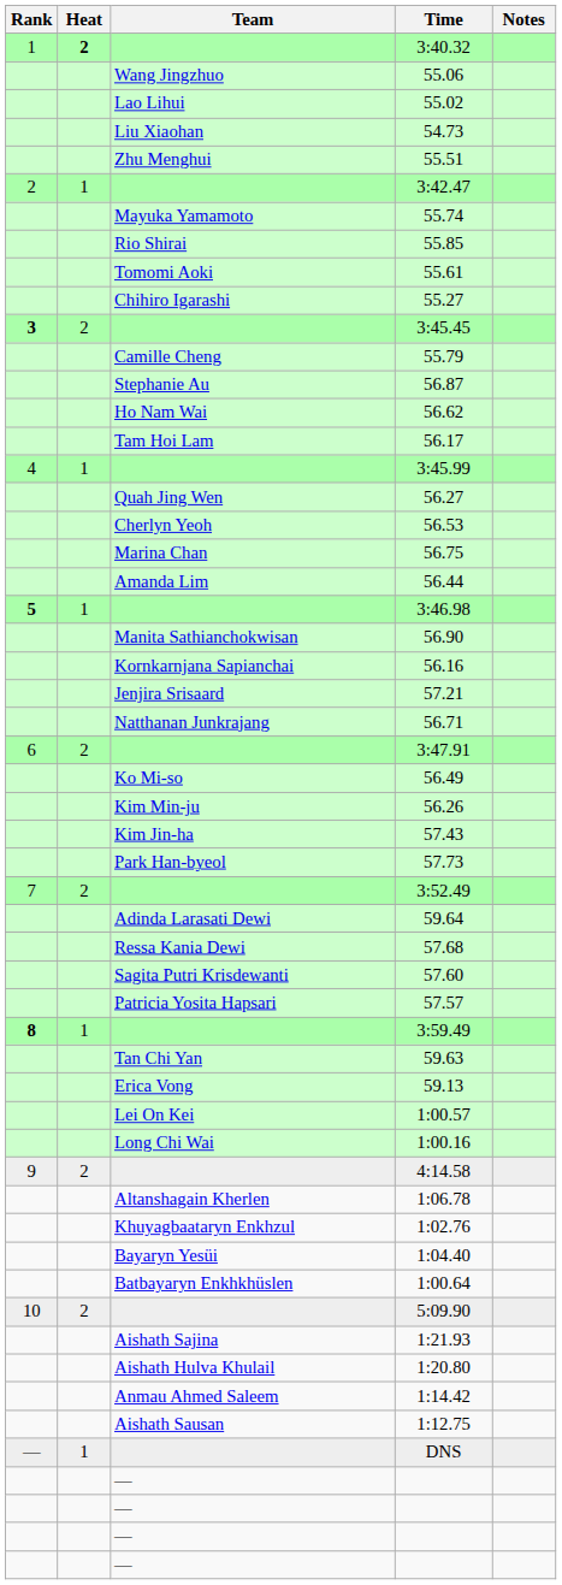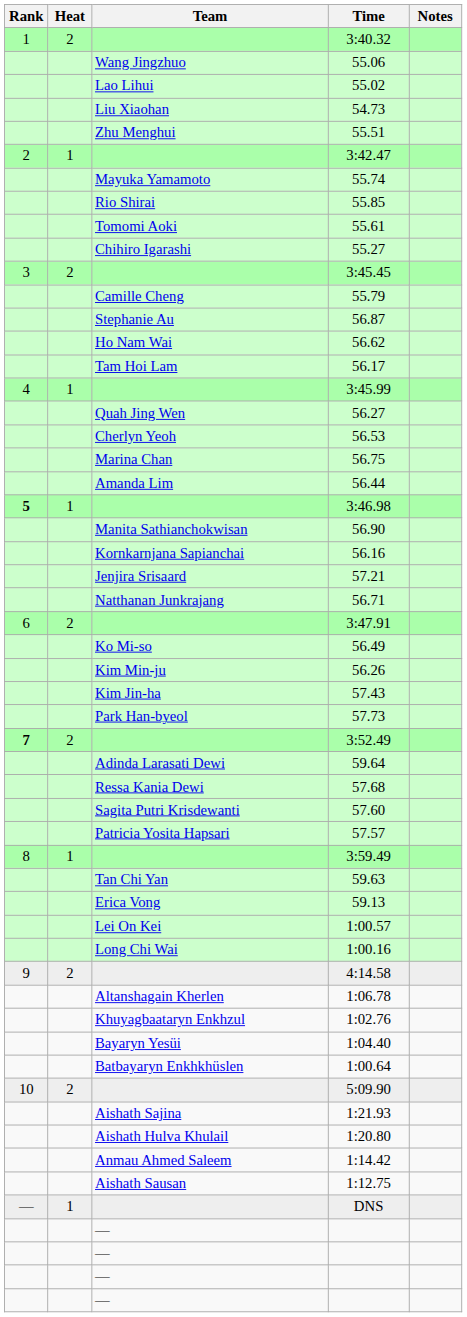 <table class="wikitable" style="text-align:center">
 <tr>
 <th width=40>Rank</th>
 <th width=40>Heat</th>
 <th width=250>Team</th>
 <th width=80>Time</th>
 <th width=50>Notes</th>
 </tr>
 <tr bgcolor="aaffaa">
 <td>1</td>
-<td><strong>2</strong></td>
+<td>2</td>
 <td align=left></td>
 <td>3:40.32</td>
 <td></td>
 </tr>
 <tr bgcolor="ccffcc">
 <td></td>
 <td></td>
 <td align=left><a href='#'>Wang Jingzhuo</a></td>
 <td>55.06</td>
 <td></td>
 </tr>
 <tr bgcolor="ccffcc">
 <td></td>
 <td></td>
 <td align=left><a href='#'>Lao Lihui</a></td>
 <td>55.02</td>
 <td></td>
 </tr>
 <tr bgcolor="ccffcc">
 <td></td>
 <td></td>
 <td align=left><a href='#'>Liu Xiaohan</a></td>
 <td>54.73</td>
 <td></td>
 </tr>
 <tr bgcolor="ccffcc">
 <td></td>
 <td></td>
 <td align=left><a href='#'>Zhu Menghui</a></td>
 <td>55.51</td>
 <td></td>
 </tr>
 <tr bgcolor="aaffaa">
 <td>2</td>
 <td>1</td>
 <td align=left></td>
 <td>3:42.47</td>
 <td></td>
 </tr>
 <tr bgcolor="ccffcc">
 <td></td>
 <td></td>
 <td align=left><a href='#'>Mayuka Yamamoto</a></td>
 <td>55.74</td>
 <td></td>
 </tr>
 <tr bgcolor="ccffcc">
 <td></td>
 <td></td>
 <td align=left><a href='#'>Rio Shirai</a></td>
 <td>55.85</td>
 <td></td>
 </tr>
 <tr bgcolor="ccffcc">
 <td></td>
 <td></td>
 <td align=left><a href='#'>Tomomi Aoki</a></td>
 <td>55.61</td>
 <td></td>
 </tr>
 <tr bgcolor="ccffcc">
 <td></td>
 <td></td>
 <td align=left><a href='#'>Chihiro Igarashi</a></td>
 <td>55.27</td>
 <td></td>
 </tr>
 <tr bgcolor="aaffaa">
-<td><strong>3</strong></td>
+<td>3</td>
 <td>2</td>
 <td align=left></td>
 <td>3:45.45</td>
 <td></td>
 </tr>
 <tr bgcolor="ccffcc">
 <td></td>
 <td></td>
 <td align=left><a href='#'>Camille Cheng</a></td>
 <td>55.79</td>
 <td></td>
 </tr>
 <tr bgcolor="ccffcc">
 <td></td>
 <td></td>
 <td align=left><a href='#'>Stephanie Au</a></td>
 <td>56.87</td>
 <td></td>
 </tr>
 <tr bgcolor="ccffcc">
 <td></td>
 <td></td>
 <td align=left><a href='#'>Ho Nam Wai</a></td>
 <td>56.62</td>
 <td></td>
 </tr>
 <tr bgcolor="ccffcc">
 <td></td>
 <td></td>
 <td align=left><a href='#'>Tam Hoi Lam</a></td>
 <td>56.17</td>
 <td></td>
 </tr>
 <tr bgcolor="aaffaa">
 <td>4</td>
 <td>1</td>
 <td align=left></td>
 <td>3:45.99</td>
 <td></td>
 </tr>
 <tr bgcolor="ccffcc">
 <td></td>
 <td></td>
 <td align=left><a href='#'>Quah Jing Wen</a></td>
 <td>56.27</td>
 <td></td>
 </tr>
 <tr bgcolor="ccffcc">
 <td></td>
 <td></td>
 <td align=left><a href='#'>Cherlyn Yeoh</a></td>
 <td>56.53</td>
 <td></td>
 </tr>
 <tr bgcolor="ccffcc">
 <td></td>
 <td></td>
 <td align=left><a href='#'>Marina Chan</a></td>
 <td>56.75</td>
 <td></td>
 </tr>
 <tr bgcolor="ccffcc">
 <td></td>
 <td></td>
 <td align=left><a href='#'>Amanda Lim</a></td>
 <td>56.44</td>
 <td></td>
 </tr>
 <tr bgcolor="aaffaa">
 <td><strong>5</strong></td>
 <td>1</td>
 <td align=left></td>
 <td>3:46.98</td>
 <td></td>
 </tr>
 <tr bgcolor="ccffcc">
 <td></td>
 <td></td>
 <td align=left><a href='#'>Manita Sathianchokwisan</a></td>
 <td>56.90</td>
 <td></td>
 </tr>
 <tr bgcolor="ccffcc">
 <td></td>
 <td></td>
 <td align=left><a href='#'>Kornkarnjana Sapianchai</a></td>
 <td>56.16</td>
 <td></td>
 </tr>
 <tr bgcolor="ccffcc">
 <td></td>
 <td></td>
 <td align=left><a href='#'>Jenjira Srisaard</a></td>
 <td>57.21</td>
 <td></td>
 </tr>
 <tr bgcolor="ccffcc">
 <td></td>
 <td></td>
 <td align=left><a href='#'>Natthanan Junkrajang</a></td>
 <td>56.71</td>
 <td></td>
 </tr>
 <tr bgcolor="aaffaa">
 <td>6</td>
 <td>2</td>
 <td align=left></td>
 <td>3:47.91</td>
 <td></td>
 </tr>
 <tr bgcolor="ccffcc">
 <td></td>
 <td></td>
 <td align=left><a href='#'>Ko Mi-so</a></td>
 <td>56.49</td>
 <td></td>
 </tr>
 <tr bgcolor="ccffcc">
 <td></td>
 <td></td>
 <td align=left><a href='#'>Kim Min-ju</a></td>
 <td>56.26</td>
 <td></td>
 </tr>
 <tr bgcolor="ccffcc">
 <td></td>
 <td></td>
 <td align=left><a href='#'>Kim Jin-ha</a></td>
 <td>57.43</td>
 <td></td>
 </tr>
 <tr bgcolor="ccffcc">
 <td></td>
 <td></td>
 <td align=left><a href='#'>Park Han-byeol</a></td>
 <td>57.73</td>
 <td></td>
 </tr>
 <tr bgcolor="aaffaa">
-<td>7</td>
+<td><strong>7</strong></td>
 <td>2</td>
 <td align=left></td>
 <td>3:52.49</td>
 <td></td>
 </tr>
 <tr bgcolor="ccffcc">
 <td></td>
 <td></td>
 <td align=left><a href='#'>Adinda Larasati Dewi</a></td>
 <td>59.64</td>
 <td></td>
 </tr>
 <tr bgcolor="ccffcc">
 <td></td>
 <td></td>
 <td align=left><a href='#'>Ressa Kania Dewi</a></td>
 <td>57.68</td>
 <td></td>
 </tr>
 <tr bgcolor="ccffcc">
 <td></td>
 <td></td>
 <td align=left><a href='#'>Sagita Putri Krisdewanti</a></td>
 <td>57.60</td>
 <td></td>
 </tr>
 <tr bgcolor="ccffcc">
 <td></td>
 <td></td>
 <td align=left><a href='#'>Patricia Yosita Hapsari</a></td>
 <td>57.57</td>
 <td></td>
 </tr>
 <tr bgcolor="aaffaa">
-<td><strong>8</strong></td>
+<td>8</td>
 <td>1</td>
 <td align=left></td>
 <td>3:59.49</td>
 <td></td>
 </tr>
 <tr bgcolor="ccffcc">
 <td></td>
 <td></td>
 <td align=left><a href='#'>Tan Chi Yan</a></td>
 <td>59.63</td>
 <td></td>
 </tr>
 <tr bgcolor="ccffcc">
 <td></td>
 <td></td>
 <td align=left><a href='#'>Erica Vong</a></td>
 <td>59.13</td>
 <td></td>
 </tr>
 <tr bgcolor="ccffcc">
 <td></td>
 <td></td>
 <td align=left><a href='#'>Lei On Kei</a></td>
 <td>1:00.57</td>
 <td></td>
 </tr>
 <tr bgcolor="ccffcc">
 <td></td>
 <td></td>
 <td align=left><a href='#'>Long Chi Wai</a></td>
 <td>1:00.16</td>
 <td></td>
 </tr>
 <tr bgcolor=eeeeee>
 <td>9</td>
 <td>2</td>
 <td align=left></td>
 <td>4:14.58</td>
 <td></td>
 </tr>
 <tr>
 <td></td>
 <td></td>
 <td align=left><a href='#'>Altanshagain Kherlen</a></td>
 <td>1:06.78</td>
 <td></td>
 </tr>
 <tr>
 <td></td>
 <td></td>
 <td align=left><a href='#'>Khuyagbaataryn Enkhzul</a></td>
 <td>1:02.76</td>
 <td></td>
 </tr>
 <tr>
 <td></td>
 <td></td>
 <td align=left><a href='#'>Bayaryn Yesüi</a></td>
 <td>1:04.40</td>
 <td></td>
 </tr>
 <tr>
 <td></td>
 <td></td>
 <td align=left><a href='#'>Batbayaryn Enkhkhüslen</a></td>
 <td>1:00.64</td>
 <td></td>
 </tr>
 <tr bgcolor=eeeeee>
 <td>10</td>
 <td>2</td>
 <td align=left></td>
 <td>5:09.90</td>
 <td></td>
 </tr>
 <tr>
 <td></td>
 <td></td>
 <td align=left><a href='#'>Aishath Sajina</a></td>
 <td>1:21.93</td>
 <td></td>
 </tr>
 <tr>
 <td></td>
 <td></td>
 <td align=left><a href='#'>Aishath Hulva Khulail</a></td>
 <td>1:20.80</td>
 <td></td>
 </tr>
 <tr>
 <td></td>
 <td></td>
 <td align=left><a href='#'>Anmau Ahmed Saleem</a></td>
 <td>1:14.42</td>
 <td></td>
 </tr>
 <tr>
 <td></td>
 <td></td>
 <td align=left><a href='#'>Aishath Sausan</a></td>
 <td>1:12.75</td>
 <td></td>
 </tr>
 <tr bgcolor=eeeeee>
 <td>—</td>
 <td>1</td>
 <td align=left></td>
 <td>DNS</td>
 <td></td>
 </tr>
 <tr>
 <td></td>
 <td></td>
 <td align=left>—</td>
 <td></td>
 <td></td>
 </tr>
 <tr>
 <td></td>
 <td></td>
 <td align=left>—</td>
 <td></td>
 <td></td>
 </tr>
 <tr>
 <td></td>
 <td></td>
 <td align=left>—</td>
 <td></td>
 <td></td>
 </tr>
 <tr>
 <td></td>
 <td></td>
 <td align=left>—</td>
 <td></td>
 <td></td>
 </tr>
 </table>
